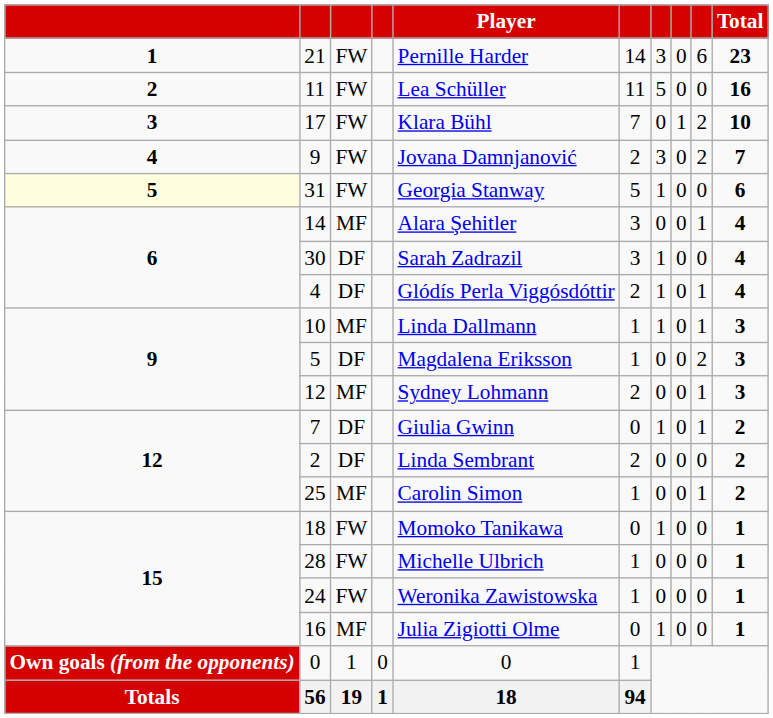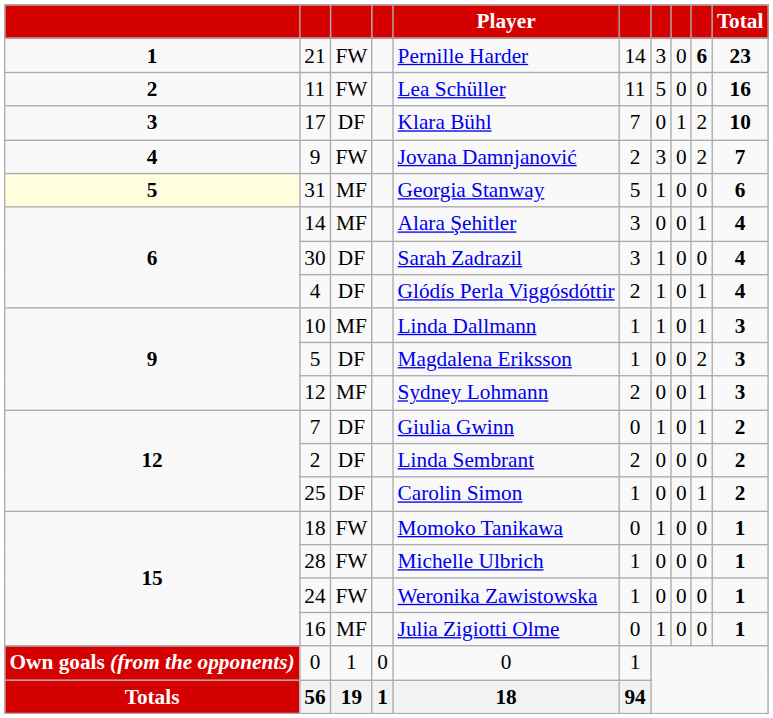 <table class="wikitable" style="text-align:center;">
 <tr>
 <th style="background:#D50000; color:#FFFFFF; "></th>
 <th style="background:#D50000; color:#FFFFFF; "></th>
 <th style="background:#D50000; color:#FFFFFF; "></th>
 <th style="background:#D50000; color:#FFFFFF; "></th>
 <th style="background:#D50000; color:#FFFFFF; ">Player</th>
 <th style="background:#D50000; color:#FFFFFF; "></th>
 <th style="background:#D50000; color:#FFFFFF; "></th>
 <th style="background:#D50000; color:#FFFFFF; "></th>
 <th style="background:#D50000; color:#FFFFFF; "></th>
 <th style="background:#D50000; color:#FFFFFF; ">Total</th>
 </tr>
 <tr>
 <td><strong>1</strong></td>
 <td>21</td>
 <td>FW</td>
 <td></td>
 <td align="left"><a href='#'>Pernille Harder</a></td>
 <td>14</td>
 <td>3</td>
 <td>0</td>
-<td>6</td>
+<td><strong>6</strong></td>
 <td><strong>23</strong></td>
 </tr>
 <tr>
 <td><strong>2</strong></td>
 <td>11</td>
 <td>FW</td>
 <td></td>
 <td align="left"><a href='#'>Lea Schüller</a></td>
 <td>11</td>
 <td>5</td>
 <td>0</td>
 <td>0</td>
 <td><strong>16</strong></td>
 </tr>
 <tr>
 <td><strong>3</strong></td>
 <td>17</td>
-<td>FW</td>
+<td>DF</td>
 <td></td>
 <td align="left"><a href='#'>Klara Bühl</a></td>
 <td>7</td>
 <td>0</td>
 <td>1</td>
 <td>2</td>
 <td><strong>10</strong></td>
 </tr>
 <tr>
 <td><strong>4</strong></td>
 <td>9</td>
 <td>FW</td>
 <td></td>
 <td align="left"><a href='#'>Jovana Damnjanović</a></td>
 <td>2</td>
 <td>3</td>
 <td>0</td>
 <td>2</td>
 <td><strong>7</strong></td>
 </tr>
 <tr>
 <td style="background: lightyellow;"><strong>5</strong></td>
 <td>31</td>
-<td>FW</td>
+<td>MF</td>
 <td></td>
 <td align="left"><a href='#'>Georgia Stanway</a></td>
 <td>5</td>
 <td>1</td>
 <td>0</td>
 <td>0</td>
 <td><strong>6</strong></td>
 </tr>
 <tr>
 <td rowspan = 3><strong>6</strong></td>
 <td>14</td>
 <td>MF</td>
 <td></td>
 <td align="left"><a href='#'>Alara Şehitler</a></td>
 <td>3</td>
 <td>0</td>
 <td>0</td>
 <td>1</td>
 <td><strong>4</strong></td>
 </tr>
 <tr>
 <td>30</td>
 <td>DF</td>
 <td></td>
 <td align="left"><a href='#'>Sarah Zadrazil</a></td>
 <td>3</td>
 <td>1</td>
 <td>0</td>
 <td>0</td>
 <td><strong>4</strong></td>
 </tr>
 <tr>
 <td>4</td>
 <td>DF</td>
 <td></td>
 <td align="left"><a href='#'>Glódís Perla Viggósdóttir</a></td>
 <td>2</td>
 <td>1</td>
 <td>0</td>
 <td>1</td>
 <td><strong>4</strong></td>
 </tr>
 <tr>
 <td rowspan = 3><strong>9</strong></td>
 <td>10</td>
 <td>MF</td>
 <td></td>
 <td align="left"><a href='#'>Linda Dallmann</a></td>
 <td>1</td>
 <td>1</td>
 <td>0</td>
 <td>1</td>
 <td><strong>3</strong></td>
 </tr>
 <tr>
 <td>5</td>
 <td>DF</td>
 <td></td>
 <td align="left"><a href='#'>Magdalena Eriksson</a></td>
 <td>1</td>
 <td>0</td>
 <td>0</td>
 <td>2</td>
 <td><strong>3</strong></td>
 </tr>
 <tr>
 <td>12</td>
 <td>MF</td>
 <td></td>
 <td align="left"><a href='#'>Sydney Lohmann</a></td>
 <td>2</td>
 <td>0</td>
 <td>0</td>
 <td>1</td>
 <td><strong>3</strong></td>
 </tr>
 <tr>
 <td rowspan = 3><strong>12</strong></td>
 <td>7</td>
 <td>DF</td>
 <td></td>
 <td align="left"><a href='#'>Giulia Gwinn</a></td>
 <td>0</td>
 <td>1</td>
 <td>0</td>
 <td>1</td>
 <td><strong>2</strong></td>
 </tr>
 <tr>
 <td>2</td>
 <td>DF</td>
 <td></td>
 <td align="left"><a href='#'>Linda Sembrant</a></td>
 <td>2</td>
 <td>0</td>
 <td>0</td>
 <td>0</td>
 <td><strong>2</strong></td>
 </tr>
 <tr>
 <td>25</td>
-<td>MF</td>
+<td>DF</td>
 <td></td>
 <td align="left"><a href='#'>Carolin Simon</a></td>
 <td>1</td>
 <td>0</td>
 <td>0</td>
 <td>1</td>
 <td><strong>2</strong></td>
 </tr>
 <tr>
 <td rowspan = 4><strong>15</strong></td>
 <td>18</td>
 <td>FW</td>
 <td></td>
 <td align="left"><a href='#'>Momoko Tanikawa</a></td>
 <td>0</td>
 <td>1</td>
 <td>0</td>
 <td>0</td>
 <td><strong>1</strong></td>
 </tr>
 <tr>
 <td>28</td>
 <td>FW</td>
 <td></td>
 <td align="left"><a href='#'>Michelle Ulbrich</a></td>
 <td>1</td>
 <td>0</td>
 <td>0</td>
 <td>0</td>
 <td><strong>1</strong></td>
 </tr>
 <tr>
 <td>24</td>
 <td>FW</td>
 <td></td>
 <td align="left"><a href='#'>Weronika Zawistowska</a></td>
 <td>1</td>
 <td>0</td>
 <td>0</td>
 <td>0</td>
 <td><strong>1</strong></td>
 </tr>
 <tr>
 <td>16</td>
 <td>MF</td>
 <td></td>
 <td align="left"><a href='#'>Julia Zigiotti Olme</a></td>
 <td>0</td>
 <td>1</td>
 <td>0</td>
 <td>0</td>
 <td><strong>1</strong></td>
 </tr>
 <tr>
 <td style="background:#D50000; color:#FFFFFF; "><strong>Own goals <em>(from the opponents)<strong><em></td>
 <td>0</td>
 <td>1</td>
 <td>0</td>
 <td>0</td>
 <td></strong>1<strong></td>
 </tr>
 <tr>
 <th style="background:#D50000; color:#FFFFFF; ">Totals</th>
 <th>56</th>
 <th>19</th>
 <th>1</th>
 <th>18</th>
 <th>94</th>
 </tr>
 </table>
